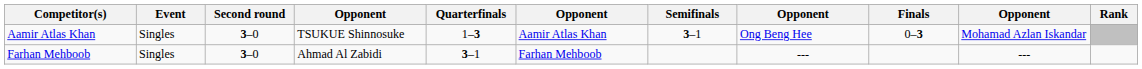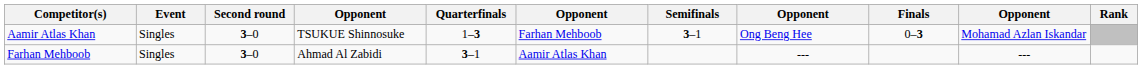 <table class=wikitable style="font-size:90%">
 <tr>
 <th width=150>Competitor(s)</th>
 <th width=75>Event</th>
 <th width=100>Second round</th>
 <th width=150>Opponent</th>
 <th width=100>Quarterfinals</th>
 <th width=150>Opponent</th>
 <th width=100>Semifinals</th>
 <th width=150>Opponent</th>
 <th width=100>Finals</th>
 <th width=150>Opponent</th>
 <th style="width:50px;">Rank</th>
 </tr>
 <tr>
 <td><a href='#'>Aamir Atlas Khan</a></td>
 <td>Singles</td>
 <td style="text-align:center;"><strong>3</strong>–0</td>
 <td> TSUKUE Shinnosuke</td>
 <td style="text-align:center;">1–<strong>3</strong></td>
-<td> <a href='#'>Aamir Atlas Khan</a></td>
+<td> <a href='#'>Farhan Mehboob</a></td>
 <td style="text-align:center;"><strong>3</strong>–1</td>
 <td> <a href='#'>Ong Beng Hee</a></td>
 <td style="text-align:center;">0–<strong>3</strong></td>
 <td> <a href='#'>Mohamad Azlan Iskandar</a></td>
 <td style="text-align:center; background:Silver;"></td>
 </tr>
 <tr>
 <td><a href='#'>Farhan Mehboob</a></td>
 <td>Singles</td>
 <td style="text-align:center;"><strong>3</strong>–0</td>
 <td> Ahmad Al Zabidi</td>
 <td style="text-align:center;"><strong>3</strong>–1</td>
-<td> <a href='#'>Farhan Mehboob</a></td>
+<td> <a href='#'>Aamir Atlas Khan</a></td>
 <td></td>
 <td style="text-align:center;">---</td>
 <td></td>
 <td style="text-align:center;">---</td>
 <td></td>
 </tr>
 </table>
